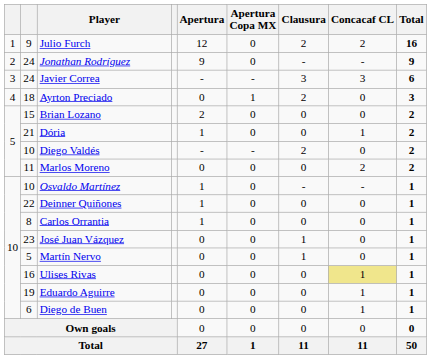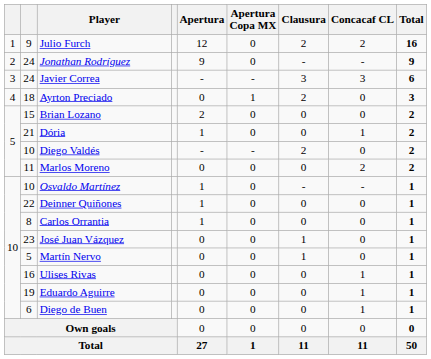 <table class="wikitable">
 <tr>
 <th></th>
 <th></th>
 <th style="width:185px;">Player</th>
 <th></th>
 <th>Apertura</th>
 <th>Apertura<br>Copa MX</th>
 <th>Clausura</th>
 <th>Concacaf CL</th>
 <th>Total</th>
 </tr>
 <tr>
 <td align=center>1</td>
 <td align=center>9</td>
 <td> <a href='#'>Julio Furch</a></td>
 <td align=center></td>
 <td align=center>12</td>
 <td align=center>0</td>
 <td align=center>2</td>
 <td align=center>2</td>
 <td align=center><strong>16</strong></td>
 </tr>
 <tr>
 <td align=center>2</td>
 <td align=center>24</td>
 <td> <em><a href='#'>Jonathan Rodríguez</a></em></td>
 <td align=center></td>
 <td align=center>9</td>
 <td align=center>0</td>
 <td align=center>-</td>
 <td align=center>-</td>
 <td align=center><strong>9</strong></td>
 </tr>
 <tr>
 <td align=center>3</td>
 <td align=center>24</td>
 <td> <a href='#'>Javier Correa</a></td>
 <td align=center></td>
 <td align=center>-</td>
 <td align=center>-</td>
 <td align=center>3</td>
 <td align=center>3</td>
 <td align=center><strong>6</strong></td>
 </tr>
 <tr>
 <td align=center>4</td>
 <td align=center>18</td>
 <td> <a href='#'>Ayrton Preciado</a></td>
 <td align=center></td>
 <td align=center>0</td>
 <td align=center>1</td>
 <td align=center>2</td>
 <td align=center>0</td>
 <td align=center><strong>3</strong></td>
 </tr>
 <tr>
 <td align=center rowspan=4>5</td>
 <td align=center>15</td>
 <td> <a href='#'>Brian Lozano</a></td>
 <td align=center></td>
 <td align=center>2</td>
 <td align=center>0</td>
 <td align=center>0</td>
 <td align=center>0</td>
 <td align=center><strong>2</strong></td>
 </tr>
 <tr>
 <td align=center>21</td>
 <td> <a href='#'>Dória</a></td>
 <td align=center></td>
 <td align=center>1</td>
 <td align=center>0</td>
 <td align=center>0</td>
 <td align=center>1</td>
 <td align=center><strong>2</strong></td>
 </tr>
 <tr>
 <td align=center>10</td>
 <td> <a href='#'>Diego Valdés</a></td>
 <td align=center></td>
 <td align=center>-</td>
 <td align=center>-</td>
 <td align=center>2</td>
 <td align=center>0</td>
 <td align=center><strong>2</strong></td>
 </tr>
 <tr>
 <td align=center>11</td>
 <td> <a href='#'>Marlos Moreno</a></td>
 <td align=center></td>
 <td align=center>0</td>
 <td align=center>0</td>
 <td align=center>0</td>
 <td align=center>2</td>
 <td align=center><strong>2</strong></td>
 </tr>
 <tr>
 <td align=center rowspan=8>10</td>
 <td align=center>10</td>
 <td> <em><a href='#'>Osvaldo Martínez</a></em></td>
 <td align=center></td>
 <td align=center>1</td>
 <td align=center>0</td>
 <td align=center>-</td>
 <td align=center>-</td>
 <td align=center><strong>1</strong></td>
 </tr>
 <tr>
 <td align=center>22</td>
 <td> <a href='#'>Deinner Quiñones</a></td>
 <td align=center></td>
 <td align=center>1</td>
 <td align=center>0</td>
 <td align=center>0</td>
 <td align=center>0</td>
 <td align=center><strong>1</strong></td>
 </tr>
 <tr>
 <td align=center>8</td>
 <td> <a href='#'>Carlos Orrantia</a></td>
 <td align=center></td>
 <td align=center>1</td>
 <td align=center>0</td>
 <td align=center>0</td>
 <td align=center>0</td>
 <td align=center><strong>1</strong></td>
 </tr>
 <tr>
 <td align=center>23</td>
 <td> <a href='#'>José Juan Vázquez</a></td>
 <td align=center></td>
 <td align=center>0</td>
 <td align=center>0</td>
 <td align=center>1</td>
 <td align=center>0</td>
 <td align=center><strong>1</strong></td>
 </tr>
 <tr>
 <td align=center>5</td>
 <td> <a href='#'>Martín Nervo</a></td>
 <td align=center></td>
 <td align=center>0</td>
 <td align=center>0</td>
 <td align=center>1</td>
 <td align=center>0</td>
 <td align=center><strong>1</strong></td>
 </tr>
 <tr>
 <td align=center>16</td>
 <td> <a href='#'>Ulises Rivas</a></td>
 <td align=center></td>
 <td align=center>0</td>
 <td align=center>0</td>
 <td align=center>0</td>
-<td align=center style="background: khaki;">1</td>
+<td align=center>1</td>
 <td align=center><strong>1</strong></td>
 </tr>
 <tr>
 <td align=center>19</td>
 <td> <a href='#'>Eduardo Aguirre</a></td>
 <td align=center></td>
 <td align=center>0</td>
 <td align=center>0</td>
 <td align=center>0</td>
 <td align=center>1</td>
 <td align=center><strong>1</strong></td>
 </tr>
 <tr>
 <td align=center>6</td>
 <td> <a href='#'>Diego de Buen</a></td>
 <td align=center></td>
 <td align=center>0</td>
 <td align=center>0</td>
 <td align=center>0</td>
 <td align=center>1</td>
 <td align=center><strong>1</strong></td>
 </tr>
 <tr>
 <th align=center colspan=4>Own goals</th>
 <td align=center>0</td>
 <td align=center>0</td>
 <td align=center>0</td>
 <td align=center>0</td>
 <td align=center><strong>0</strong></td>
 </tr>
 <tr>
 <th align=center colspan=4>Total</th>
 <th align=center>27</th>
 <th align=center>1</th>
 <th align=center>11</th>
 <th align=center>11</th>
 <th align=center>50</th>
 </tr>
 </table>
